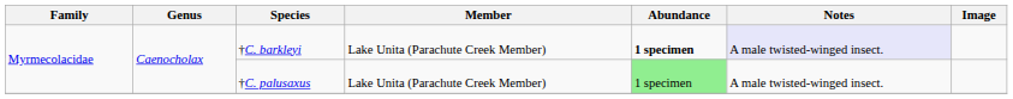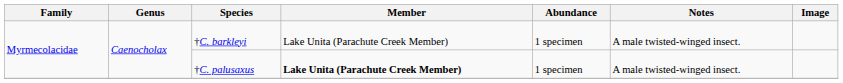 <table class="wikitable" style="margin:auto;width:100%;">
 <tr>
 <th>Family</th>
 <th>Genus</th>
 <th>Species</th>
 <th>Member</th>
 <th>Abundance</th>
 <th>Notes</th>
 <th>Image</th>
 </tr>
 <tr>
 <td rowspan=2><a href='#'>Myrmecolacidae</a></td>
 <td rowspan=2><em><a href='#'>Caenocholax</a></em></td>
 <td><br>†<em><a href='#'>C. barkleyi</a></em> </td>
 <td><br>Lake Unita (Parachute Creek Member)</td>
-<td><strong><br>1 specimen</strong></td>
-<td style="background: lavender;"><br>A male twisted-winged insect.</td>
+<td><br>1 specimen</td>
+<td><br>A male twisted-winged insect.</td>
 <td></td>
 </tr>
 <tr>
 <td><br>†<em><a href='#'>C. palusaxus</a></em> </td>
-<td><br>Lake Unita (Parachute Creek Member)</td>
-<td style="background: lightgreen;"><br>1 specimen</td>
+<td><strong><br>Lake Unita (Parachute Creek Member)</strong></td>
+<td><br>1 specimen</td>
 <td><br>A male twisted-winged insect.</td>
 <td></td>
 </tr>
 <tr>
 </tr>
 </table>
